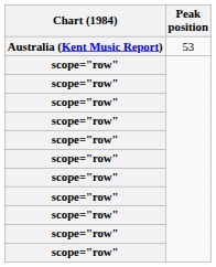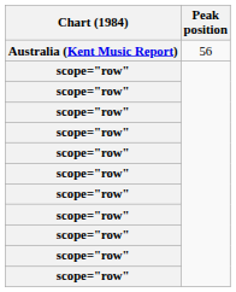 <table class="wikitable sortable plainrowheaders">
 <tr>
 <th scope="col">Chart (1984)</th>
 <th scope="col">Peak<br>position</th>
 </tr>
 <tr>
 <th scope="row">Australia (<a href='#'>Kent Music Report</a>)</th>
-<td style="text-align:center;">53</td>
+<td style="text-align:center;">56</td>
 </tr>
 <tr>
 <th>scope="row"</th>
 </tr>
 <tr>
 <th>scope="row"</th>
 </tr>
 <tr>
 <th>scope="row"</th>
 </tr>
 <tr>
 <th>scope="row"</th>
 </tr>
 <tr>
 <th>scope="row"</th>
 </tr>
 <tr>
 <th>scope="row"</th>
 </tr>
 <tr>
 <th>scope="row"</th>
 </tr>
 <tr>
 <th>scope="row"</th>
 </tr>
 <tr>
 <th>scope="row"</th>
 </tr>
 <tr>
 <th>scope="row"</th>
 </tr>
 <tr>
 <th>scope="row"</th>
 </tr>
 </table>
